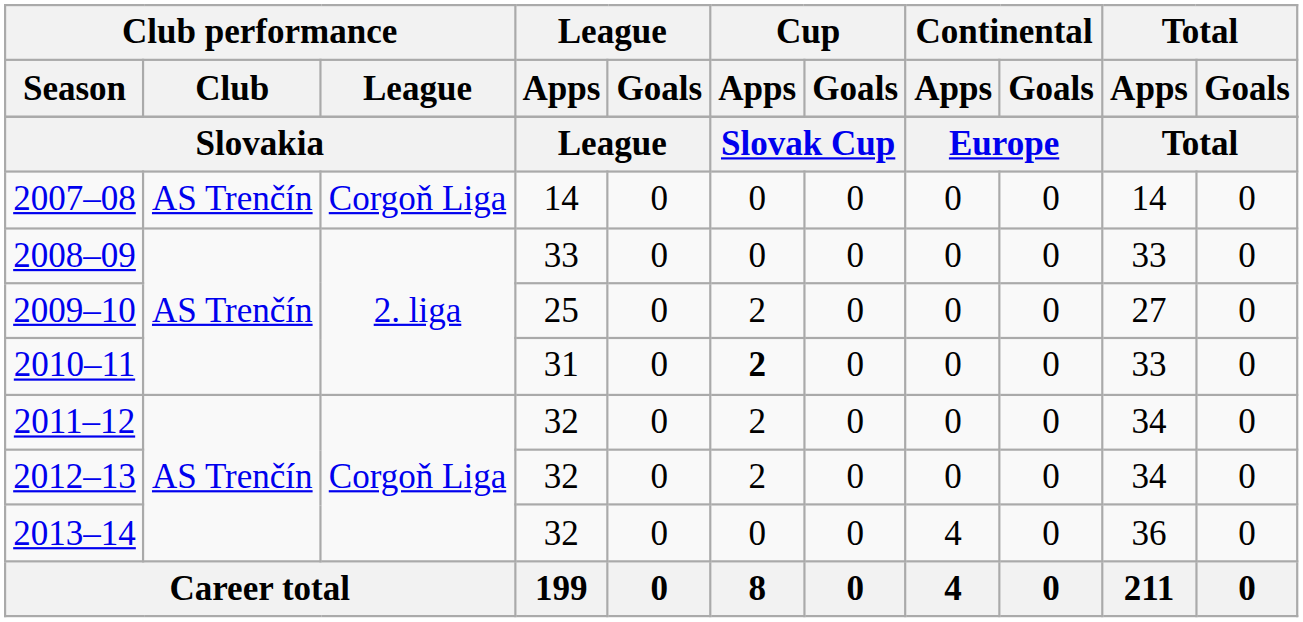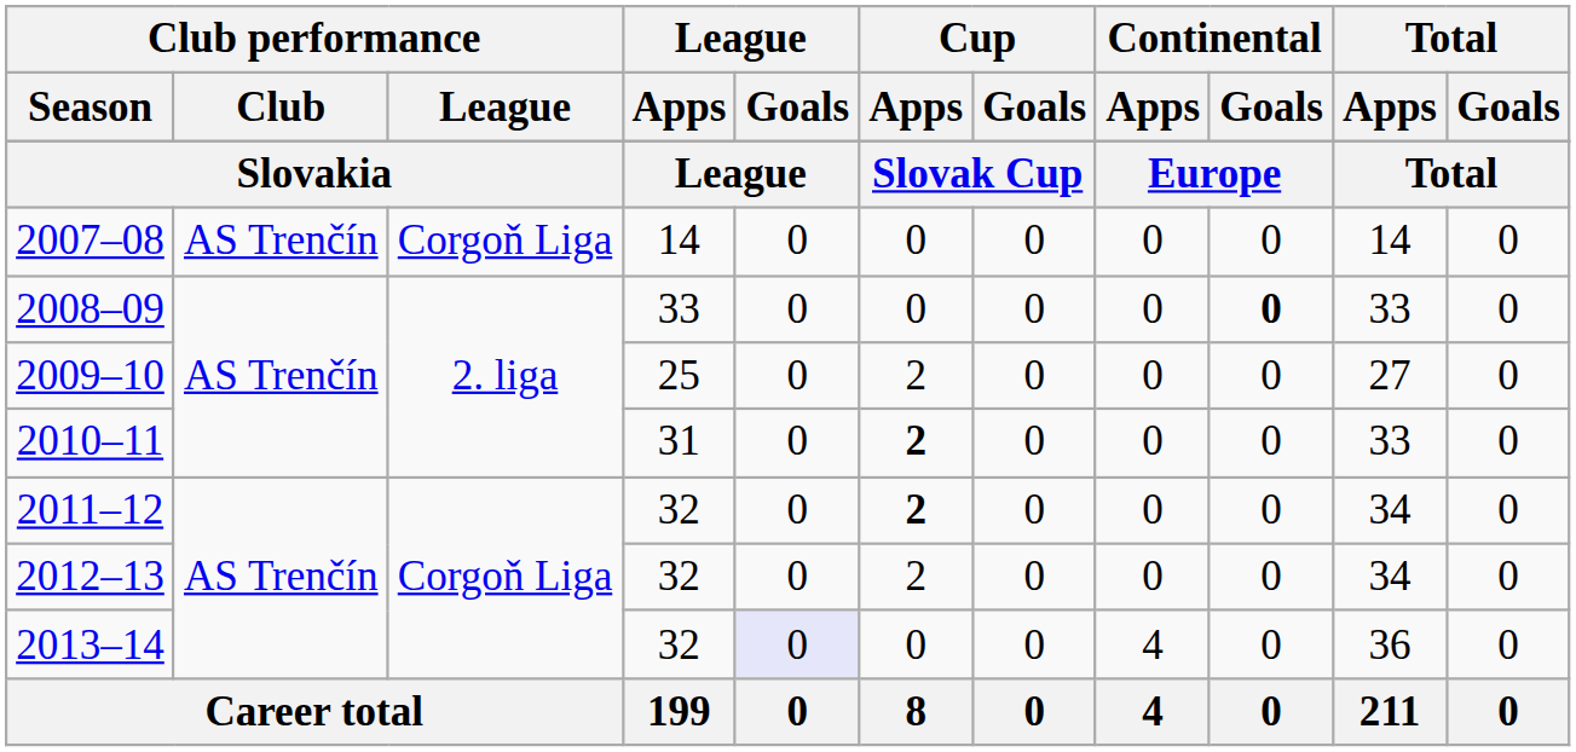 <table class="wikitable" style="text-align:center">
 <tr>
 <th colspan=3>Club performance</th>
 <th colspan=2>League</th>
 <th colspan=2>Cup</th>
 <th colspan=2>Continental</th>
 <th colspan=2>Total</th>
 </tr>
 <tr>
 <th>Season</th>
 <th>Club</th>
 <th>League</th>
 <th>Apps</th>
 <th>Goals</th>
 <th>Apps</th>
 <th>Goals</th>
 <th>Apps</th>
 <th>Goals</th>
 <th>Apps</th>
 <th>Goals</th>
 </tr>
 <tr>
 </tr>
 <tr>
 <th colspan=3>Slovakia</th>
 <th colspan=2>League</th>
 <th colspan=2><a href='#'>Slovak Cup</a></th>
 <th colspan=2><a href='#'>Europe</a></th>
 <th colspan=2>Total</th>
 </tr>
 <tr>
 <td><a href='#'>2007–08</a></td>
 <td rowspan="1"><a href='#'>AS Trenčín</a></td>
 <td rowspan="1"><a href='#'>Corgoň Liga</a></td>
 <td>14</td>
 <td>0</td>
 <td>0</td>
 <td>0</td>
 <td>0</td>
 <td>0</td>
 <td>14</td>
 <td>0</td>
 </tr>
 <tr>
 <td><a href='#'>2008–09</a></td>
 <td rowspan="3"><a href='#'>AS Trenčín</a></td>
 <td rowspan="3"><a href='#'>2. liga</a></td>
 <td>33</td>
 <td>0</td>
 <td>0</td>
 <td>0</td>
 <td>0</td>
-<td>0</td>
+<td><strong>0</strong></td>
 <td>33</td>
 <td>0</td>
 </tr>
 <tr>
 <td><a href='#'>2009–10</a></td>
 <td>25</td>
 <td>0</td>
 <td>2</td>
 <td>0</td>
 <td>0</td>
 <td>0</td>
 <td>27</td>
 <td>0</td>
 </tr>
 <tr>
 <td><a href='#'>2010–11</a></td>
 <td>31</td>
 <td>0</td>
 <td><strong>2</strong></td>
 <td>0</td>
 <td>0</td>
 <td>0</td>
 <td>33</td>
 <td>0</td>
 </tr>
 <tr>
 <td><a href='#'>2011–12</a></td>
 <td rowspan="3"><a href='#'>AS Trenčín</a></td>
 <td rowspan="3"><a href='#'>Corgoň Liga</a></td>
 <td>32</td>
 <td>0</td>
-<td>2</td>
+<td><strong>2</strong></td>
 <td>0</td>
 <td>0</td>
 <td>0</td>
 <td>34</td>
 <td>0</td>
 </tr>
 <tr>
 <td><a href='#'>2012–13</a></td>
 <td>32</td>
 <td>0</td>
 <td>2</td>
 <td>0</td>
 <td>0</td>
 <td>0</td>
 <td>34</td>
 <td>0</td>
 </tr>
 <tr>
 <td><a href='#'>2013–14</a></td>
 <td>32</td>
-<td>0</td>
+<td style="background: lavender;">0</td>
 <td>0</td>
 <td>0</td>
 <td>4</td>
 <td>0</td>
 <td>36</td>
 <td>0</td>
 </tr>
 <tr>
 <th colspan=3>Career total</th>
 <th>199</th>
 <th>0</th>
 <th>8</th>
 <th>0</th>
 <th>4</th>
 <th>0</th>
 <th>211</th>
 <th>0</th>
 </tr>
 </table>
